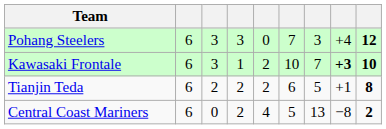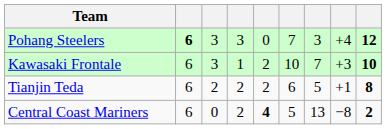 <table class="wikitable" style="text-align:center;">
 <tr>
 <th width=175>Team</th>
 <th width=20></th>
 <th width=20></th>
 <th width=20></th>
 <th width=20></th>
 <th width=20></th>
 <th width=20></th>
 <th width=20></th>
 <th width=20></th>
 </tr>
 <tr style="background:#cfc;">
 <td align="left"> <a href='#'>Pohang Steelers</a></td>
-<td>6</td>
+<td><strong>6</strong></td>
 <td>3</td>
 <td>3</td>
 <td>0</td>
 <td>7</td>
 <td>3</td>
 <td>+4</td>
 <td><strong>12</strong></td>
 </tr>
 <tr style="background:#cfc;">
 <td align="left"> <a href='#'>Kawasaki Frontale</a></td>
 <td>6</td>
 <td>3</td>
 <td>1</td>
 <td>2</td>
 <td>10</td>
 <td>7</td>
-<td><strong>+3</strong></td>
+<td>+3</td>
 <td><strong>10</strong></td>
 </tr>
 <tr>
 <td align="left"> <a href='#'>Tianjin Teda</a></td>
 <td>6</td>
 <td>2</td>
 <td>2</td>
 <td>2</td>
 <td>6</td>
 <td>5</td>
 <td>+1</td>
 <td><strong>8</strong></td>
 </tr>
 <tr>
 <td align="left"> <a href='#'>Central Coast Mariners</a></td>
 <td>6</td>
 <td>0</td>
 <td>2</td>
-<td>4</td>
+<td><strong>4</strong></td>
 <td>5</td>
 <td>13</td>
 <td>−8</td>
 <td><strong>2</strong></td>
 </tr>
 </table>
